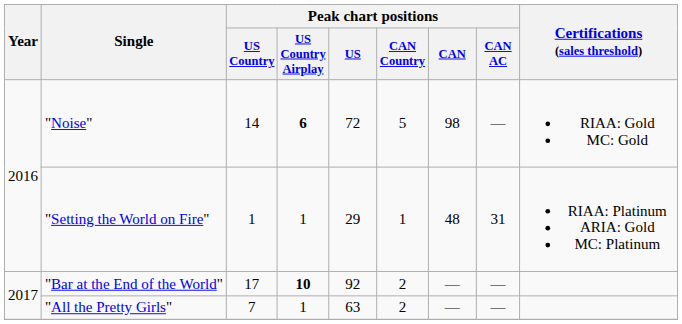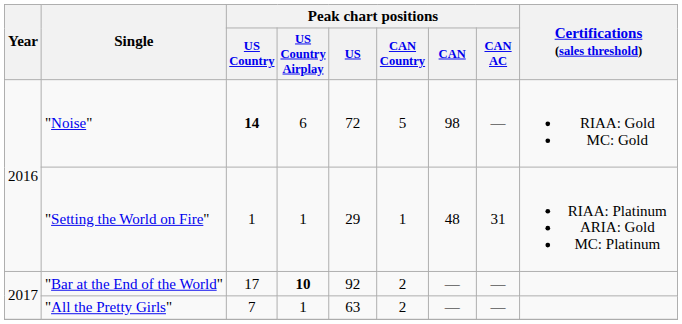 <table class="wikitable" style="text-align:center;">
 <tr>
 <th rowspan="2">Year</th>
 <th rowspan="2">Single</th>
 <th colspan="6">Peak chart positions</th>
 <th rowspan="2" style="width:10em;"><a href='#'>Certifications</a><br><small>(<a href='#'>sales threshold</a>)</small></th>
 </tr>
 <tr style="font-size:smaller;">
 <th width="45"><a href='#'>US Country</a><br></th>
 <th width="45"><a href='#'>US Country Airplay</a><br></th>
 <th width="45"><a href='#'>US</a><br></th>
 <th width="45"><a href='#'>CAN Country</a><br></th>
 <th width="45"><a href='#'>CAN</a><br></th>
 <th width="40"><a href='#'>CAN AC</a><br></th>
 </tr>
 <tr>
 <td rowspan="2">2016</td>
 <td align="left">"<a href='#'>Noise</a>"</td>
-<td>14</td>
-<td><strong>6</strong></td>
+<td><strong>14</strong></td>
+<td>6</td>
 <td>72</td>
 <td>5</td>
 <td>98</td>
 <td>—</td>
 <td><br><ul><li>RIAA: Gold</li><li>MC: Gold</li></ul></td>
 </tr>
 <tr>
 <td align="left">"<a href='#'>Setting the World on Fire</a>"</td>
 <td>1</td>
 <td>1</td>
 <td>29</td>
 <td>1</td>
 <td>48</td>
 <td>31</td>
 <td><br><ul><li>RIAA: Platinum</li><li>ARIA: Gold</li><li>MC: Platinum</li></ul></td>
 </tr>
 <tr>
 <td rowspan="2">2017</td>
 <td align="left">"<a href='#'>Bar at the End of the World</a>"</td>
 <td>17</td>
 <td><strong>10</strong></td>
 <td>92</td>
 <td>2</td>
 <td>—</td>
 <td>—</td>
 <td></td>
 </tr>
 <tr>
 <td align="left">"<a href='#'>All the Pretty Girls</a>"</td>
 <td>7</td>
 <td>1</td>
 <td>63</td>
 <td>2</td>
 <td>—</td>
 <td>—</td>
 <td></td>
 </tr>
 <tr>
 </tr>
 </table>
